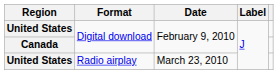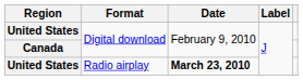 <table class="wikitable plainrowheaders">
 <tr>
 <th scope="col">Region</th>
 <th scope="col">Format</th>
 <th scope="col">Date</th>
 <th scope="col">Label</th>
 <th scope="col"></th>
 </tr>
 <tr>
 <th scope="row">United States</th>
 <td rowspan="2"><a href='#'>Digital download</a></td>
 <td rowspan="2">February 9, 2010</td>
 <td rowspan="3"><a href='#'>J</a></td>
 <td></td>
 </tr>
 <tr>
 <th scope="row">Canada</th>
 <td></td>
 </tr>
 <tr>
 <th scope="row">United States</th>
 <td><a href='#'>Radio airplay</a></td>
-<td>March 23, 2010</td>
+<td><strong>March 23, 2010</strong></td>
 <td></td>
 </tr>
 </table>
